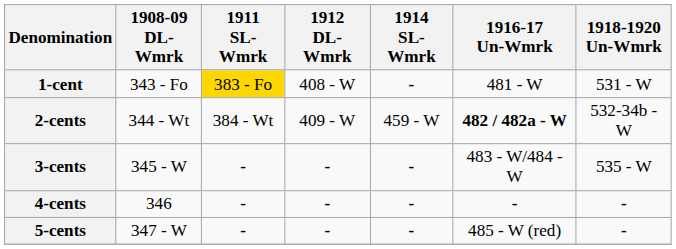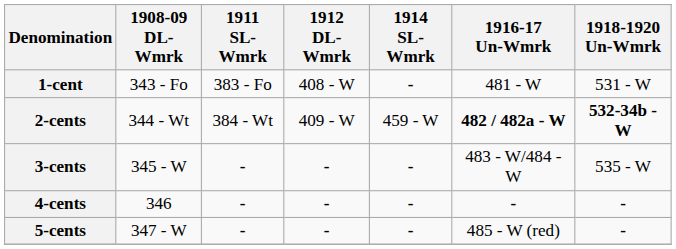 <table class="wikitable" style="margin: 1em auto; text-align: center;">
 <tr>
 <th>Denomination</th>
 <th>1908-09<br>DL-Wmrk</th>
 <th>1911<br>SL-Wmrk</th>
 <th>1912<br>DL-Wmrk</th>
 <th>1914<br>SL-Wmrk</th>
 <th>1916-17<br>Un-Wmrk</th>
 <th>1918-1920<br>Un-Wmrk</th>
 </tr>
 <tr>
 <th>1-cent</th>
 <td>343 - Fo</td>
-<td style="background: gold;">383 - Fo</td>
+<td>383 - Fo</td>
 <td>408 - W</td>
 <td><strong>-</strong></td>
 <td>481 - W</td>
 <td>531 - W</td>
 </tr>
 <tr>
 <th>2-cents</th>
 <td>344 - Wt</td>
 <td>384 - Wt</td>
 <td>409 - W</td>
 <td>459 - W</td>
 <td><strong>482 / 482a - W</strong></td>
-<td>532-34b - W</td>
+<td><strong>532-34b - W</strong></td>
 </tr>
 <tr>
 <th>3-cents</th>
 <td>345 - W</td>
 <td><strong>-</strong></td>
 <td><strong>-</strong></td>
 <td><strong>-</strong></td>
 <td>483 - W/484 - W</td>
 <td>535 - W</td>
 </tr>
 <tr>
 <th>4-cents</th>
 <td>346</td>
 <td><strong>-</strong></td>
 <td><strong>-</strong></td>
 <td><strong>-</strong></td>
 <td><strong>-</strong></td>
 <td><strong>-</strong></td>
 </tr>
 <tr>
 <th>5-cents</th>
 <td>347 - W</td>
 <td><strong>-</strong></td>
 <td><strong>-</strong></td>
 <td><strong>-</strong></td>
 <td>485 - W (red)</td>
 <td><strong>-</strong></td>
 </tr>
 <tr>
 </tr>
 </table>
